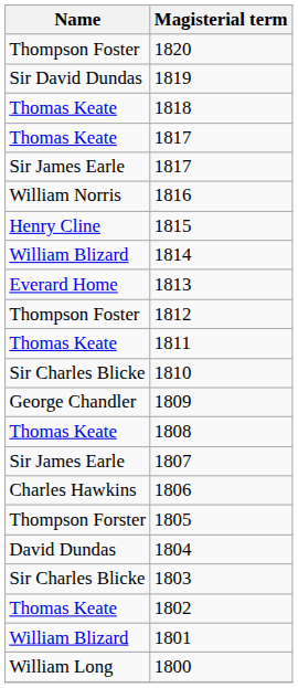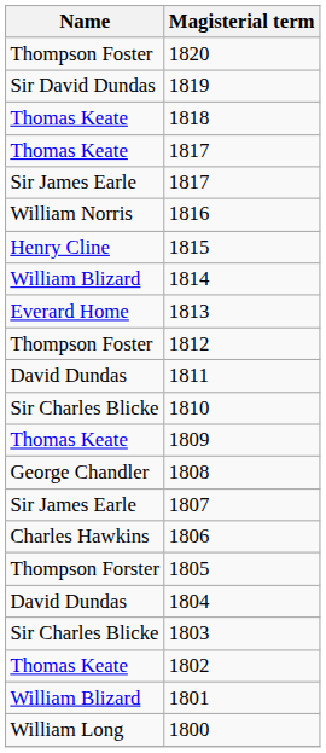 <table class="wikitable">
 <tr>
 <th>Name</th>
 <th>Magisterial term</th>
 </tr>
 <tr>
 <td>Thompson Foster</td>
 <td>1820</td>
 </tr>
 <tr>
 <td>Sir David Dundas</td>
 <td>1819</td>
 </tr>
 <tr>
 <td><a href='#'>Thomas Keate</a></td>
 <td>1818</td>
 </tr>
 <tr>
 <td><a href='#'>Thomas Keate</a></td>
 <td>1817</td>
 </tr>
 <tr>
 <td>Sir James Earle</td>
 <td>1817</td>
 </tr>
 <tr>
 <td>William Norris</td>
 <td>1816</td>
 </tr>
 <tr>
 <td><a href='#'>Henry Cline</a></td>
 <td>1815</td>
 </tr>
 <tr>
 <td><a href='#'>William Blizard</a></td>
 <td>1814</td>
 </tr>
 <tr>
 <td><a href='#'>Everard Home</a></td>
 <td>1813</td>
 </tr>
 <tr>
 <td>Thompson Foster</td>
 <td>1812</td>
 </tr>
 <tr>
-<td><a href='#'>Thomas Keate</a></td>
+<td>David Dundas</td>
 <td>1811</td>
 </tr>
 <tr>
 <td>Sir Charles Blicke</td>
 <td>1810</td>
 </tr>
 <tr>
-<td>George Chandler</td>
+<td><a href='#'>Thomas Keate</a></td>
 <td>1809</td>
 </tr>
 <tr>
-<td><a href='#'>Thomas Keate</a></td>
+<td>George Chandler</td>
 <td>1808</td>
 </tr>
 <tr>
 <td>Sir James Earle</td>
 <td>1807</td>
 </tr>
 <tr>
 <td>Charles Hawkins</td>
 <td>1806</td>
 </tr>
 <tr>
 <td>Thompson Forster</td>
 <td>1805</td>
 </tr>
 <tr>
 <td>David Dundas</td>
 <td>1804</td>
 </tr>
 <tr>
 <td>Sir Charles Blicke</td>
 <td>1803</td>
 </tr>
 <tr>
 <td><a href='#'>Thomas Keate</a></td>
 <td>1802</td>
 </tr>
 <tr>
 <td><a href='#'>William Blizard</a></td>
 <td>1801</td>
 </tr>
 <tr>
 <td>William Long</td>
 <td>1800</td>
 </tr>
 <tr>
 </tr>
 </table>
